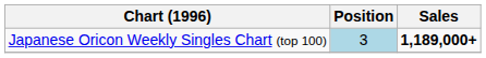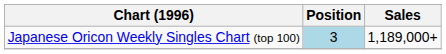 <table class="wikitable">
 <tr>
 <th>Chart (1996)</th>
 <th>Position</th>
 <th>Sales</th>
 </tr>
 <tr>
 <td><a href='#'>Japanese Oricon Weekly Singles Chart</a> <small>(top 100)</small></td>
 <td align="center" style="background: lightblue;">3</td>
-<td><strong>1,189,000+</strong></td>
+<td>1,189,000+</td>
 </tr>
 <tr>
 </tr>
 </table>
